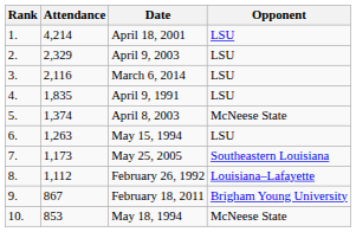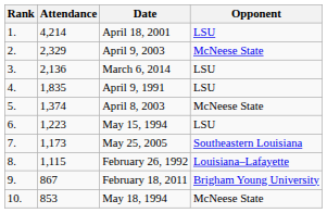 <table class="wikitable">
 <tr>
 <th>Rank</th>
 <th>Attendance</th>
 <th>Date</th>
 <th>Opponent</th>
 </tr>
 <tr>
 <td>1.</td>
 <td>4,214</td>
 <td>April 18, 2001</td>
 <td><a href='#'>LSU</a></td>
 </tr>
 <tr>
 <td>2.</td>
 <td>2,329</td>
 <td>April 9, 2003</td>
-<td>LSU</td>
+<td><a href='#'>McNeese State</a></td>
 </tr>
 <tr>
 <td>3.</td>
-<td>2,116</td>
+<td>2,136</td>
 <td>March 6, 2014</td>
 <td>LSU</td>
 </tr>
 <tr>
 <td>4.</td>
 <td>1,835</td>
 <td>April 9, 1991</td>
 <td>LSU</td>
 </tr>
 <tr>
 <td>5.</td>
 <td>1,374</td>
 <td>April 8, 2003</td>
 <td>McNeese State</td>
 </tr>
 <tr>
 <td>6.</td>
-<td>1,263</td>
+<td>1,223</td>
 <td>May 15, 1994</td>
 <td>LSU</td>
 </tr>
 <tr>
 <td>7.</td>
 <td>1,173</td>
 <td>May 25, 2005</td>
 <td><a href='#'>Southeastern Louisiana</a></td>
 </tr>
 <tr>
 <td>8.</td>
-<td>1,112</td>
+<td>1,115</td>
 <td>February 26, 1992</td>
 <td><a href='#'>Louisiana–Lafayette</a></td>
 </tr>
 <tr>
 <td>9.</td>
 <td>867</td>
 <td>February 18, 2011</td>
 <td><a href='#'>Brigham Young University</a></td>
 </tr>
 <tr>
 <td>10.</td>
 <td>853</td>
 <td>May 18, 1994</td>
 <td>McNeese State</td>
 </tr>
 </table>
